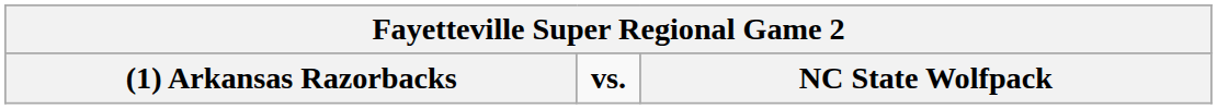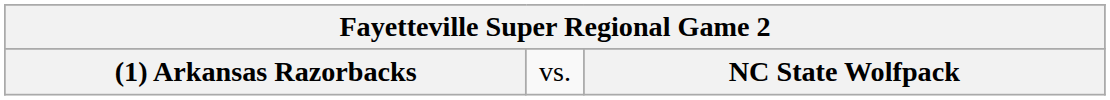 <table class="wikitable">
 <tr>
 <th style="width: 604px;" colspan=3>Fayetteville Super Regional Game 2</th>
 </tr>
 <tr>
 <th style="width: 289px; ">(1) Arkansas Razorbacks</th>
-<td style="width: 25px; text-align:center"><strong>vs.</strong></td>
+<td style="width: 25px; text-align:center">vs.</td>
 <th style="width: 289px; ">NC State Wolfpack</th>
 </tr>
 </table>
